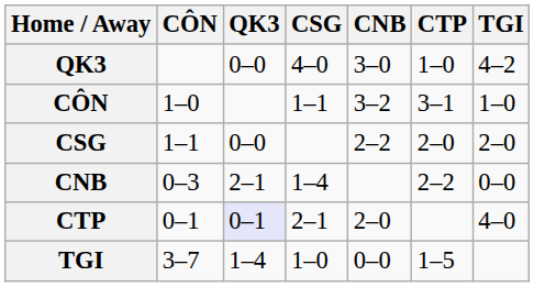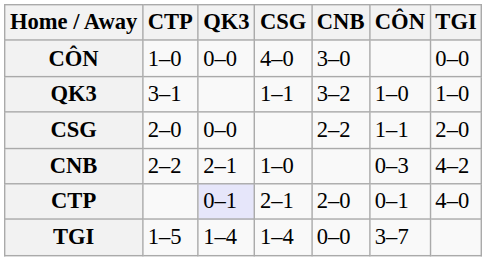 <table class=wikitable>
 <tr>
 <th><strong>Home / Away</strong></th>
-<th>CÔN</th>
+<th>CTP</th>
 <th>QK3</th>
 <th>CSG</th>
 <th>CNB</th>
-<th>CTP</th>
+<th>CÔN</th>
 <th>TGI</th>
-</tr>
-<tr>
-<th>QK3</th>
-<td></td>
-<td>0–0</td>
-<td>4–0</td>
-<td>3–0</td>
-<td>1–0</td>
-<td>4–2</td>
 </tr>
 <tr>
 <th>CÔN</th>
 <td>1–0</td>
+<td>0–0</td>
+<td>4–0</td>
+<td>3–0</td>
+<td></td>
+<td>0–0</td>
+</tr>
+<tr>
+<th>QK3</th>
+<td>3–1</td>
 <td></td>
 <td>1–1</td>
 <td>3–2</td>
-<td>3–1</td>
+<td>1–0</td>
 <td>1–0</td>
 </tr>
 <tr>
 <th>CSG</th>
-<td>1–1</td>
+<td>2–0</td>
 <td>0–0</td>
 <td></td>
 <td>2–2</td>
-<td>2–0</td>
+<td>1–1</td>
 <td>2–0</td>
 </tr>
 <tr>
 <th>CNB</th>
+<td>2–2</td>
+<td>2–1</td>
+<td>1–0</td>
+<td></td>
 <td>0–3</td>
-<td>2–1</td>
-<td>1–4</td>
-<td></td>
-<td>2–2</td>
-<td>0–0</td>
+<td>4–2</td>
 </tr>
 <tr>
 <th>CTP</th>
-<td>0–1</td>
+<td></td>
 <td style="background: lavender;">0–1</td>
 <td>2–1</td>
 <td>2–0</td>
-<td></td>
+<td>0–1</td>
 <td>4–0</td>
 </tr>
 <tr>
 <th>TGI</th>
+<td>1–5</td>
+<td>1–4</td>
+<td>1–4</td>
+<td>0–0</td>
 <td>3–7</td>
-<td>1–4</td>
-<td>1–0</td>
-<td>0–0</td>
-<td>1–5</td>
 <td></td>
 </tr>
 </table>
